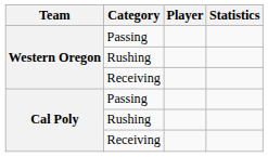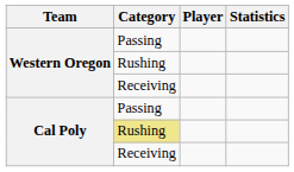 <table class="wikitable" style="float:right">
 <tr>
 <th>Team</th>
 <th>Category</th>
 <th>Player</th>
 <th>Statistics</th>
 </tr>
 <tr>
 <th rowspan=3>Western Oregon</th>
 <td>Passing</td>
 <td></td>
 <td></td>
 </tr>
 <tr>
 <td>Rushing</td>
 <td></td>
 <td></td>
 </tr>
 <tr>
 <td>Receiving</td>
 <td></td>
 <td></td>
 </tr>
 <tr>
 <th rowspan=3>Cal Poly</th>
 <td>Passing</td>
 <td></td>
 <td></td>
 </tr>
 <tr>
-<td>Rushing</td>
+<td style="background: khaki;">Rushing</td>
 <td></td>
 <td></td>
 </tr>
 <tr>
 <td>Receiving</td>
 <td></td>
 <td></td>
 </tr>
 </table>
